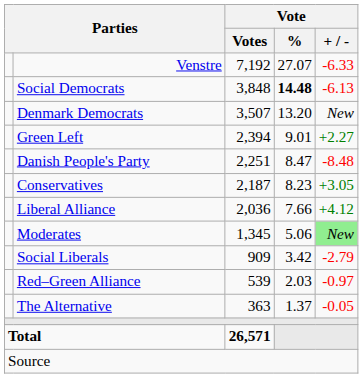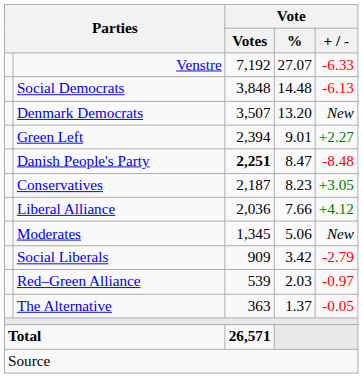 <table class="wikitable" style="text-align:right;">
 <tr>
 <th style="text-align:centre;" rowspan="2" colspan="2" width="225">Parties</th>
 <th colspan="3">Vote</th>
 </tr>
 <tr>
 <th width="15">Votes</th>
 <th width="15">%</th>
 <th width="15">+ / -</th>
 </tr>
 <tr>
 <td width=2 bgcolor=></td>
 <td><a href='#'>Venstre</a></td>
 <td>7,192</td>
 <td>27.07</td>
 <td style=color:red;>-6.33</td>
 </tr>
 <tr>
 <td width=2 bgcolor=></td>
 <td align=left><a href='#'>Social Democrats</a></td>
 <td>3,848</td>
-<td><strong>14.48</strong></td>
+<td>14.48</td>
 <td style=color:red;>-6.13</td>
 </tr>
 <tr>
 <td width=2 bgcolor=></td>
 <td align=left><a href='#'>Denmark Democrats</a></td>
 <td>3,507</td>
 <td>13.20</td>
 <td><em>New</em></td>
 </tr>
 <tr>
 <td width=2 bgcolor=></td>
 <td align=left><a href='#'>Green Left</a></td>
 <td>2,394</td>
 <td>9.01</td>
 <td style=color:green;>+2.27</td>
 </tr>
 <tr>
 <td width=2 bgcolor=></td>
 <td align=left><a href='#'>Danish People's Party</a></td>
-<td>2,251</td>
+<td><strong>2,251</strong></td>
 <td>8.47</td>
 <td style=color:red;>-8.48</td>
 </tr>
 <tr>
 <td width=2 bgcolor=></td>
 <td align=left><a href='#'>Conservatives</a></td>
 <td>2,187</td>
 <td>8.23</td>
 <td style=color:green;>+3.05</td>
 </tr>
 <tr>
 <td width=2 bgcolor=></td>
 <td align=left><a href='#'>Liberal Alliance</a></td>
 <td>2,036</td>
 <td>7.66</td>
 <td style=color:green;>+4.12</td>
 </tr>
 <tr>
 <td width=2 bgcolor=></td>
 <td align=left><a href='#'>Moderates</a></td>
 <td>1,345</td>
 <td>5.06</td>
-<td style="background: lightgreen;"><em>New</em></td>
+<td><em>New</em></td>
 </tr>
 <tr>
 <td width=2 bgcolor=></td>
 <td align=left><a href='#'>Social Liberals</a></td>
 <td>909</td>
 <td>3.42</td>
 <td style=color:red;>-2.79</td>
 </tr>
 <tr>
 <td width=2 bgcolor=></td>
 <td align=left><a href='#'>Red–Green Alliance</a></td>
 <td>539</td>
 <td>2.03</td>
 <td style=color:red;>-0.97</td>
 </tr>
 <tr>
 <td width=2 bgcolor=></td>
 <td align=left><a href='#'>The Alternative</a></td>
 <td>363</td>
 <td>1.37</td>
 <td style=color:red;>-0.05</td>
 </tr>
 <tr>
 <td colspan="7" bgcolor="#E9E9E9"></td>
 </tr>
 <tr>
 <td align="left" colspan="2"><strong>Total</strong></td>
 <td><strong>26,571</strong></td>
 <td bgcolor=#E9E9E9 colspan=2></td>
 </tr>
 <tr>
 <td align="left" colspan="6">Source</td>
 </tr>
 </table>
